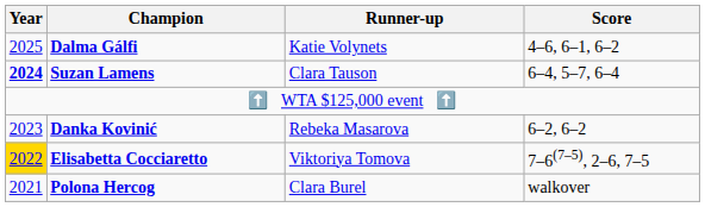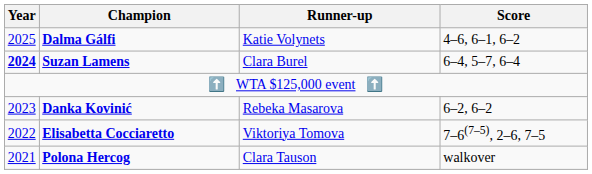 <table class="wikitable" style="font-size:90%">
 <tr>
 <th>Year</th>
 <th width="200">Champion</th>
 <th width="200">Runner-up</th>
 <th width="145">Score</th>
 </tr>
 <tr>
 <td><a href='#'>2025</a></td>
 <td> <strong><a href='#'>Dalma Gálfi</a></strong></td>
 <td> <a href='#'>Katie Volynets</a></td>
 <td>4–6, 6–1, 6–2</td>
 </tr>
 <tr>
 <td><strong><a href='#'>2024</a></strong></td>
 <td> <strong><a href='#'>Suzan Lamens</a></strong></td>
-<td> <a href='#'>Clara Tauson</a></td>
+<td> <a href='#'>Clara Burel</a></td>
 <td>6–4, 5–7, 6–4</td>
 </tr>
 <tr>
 <td colspan="4" align="center">⬆️   <a href='#'>WTA $125,000 event</a>   ⬆️</td>
 </tr>
 <tr>
 <td><a href='#'>2023</a></td>
 <td> <strong><a href='#'>Danka Kovinić</a></strong></td>
 <td> <a href='#'>Rebeka Masarova</a></td>
 <td>6–2, 6–2</td>
 </tr>
 <tr>
-<td style="background: gold;"><a href='#'>2022</a></td>
+<td><a href='#'>2022</a></td>
 <td> <strong><a href='#'>Elisabetta Cocciaretto</a></strong></td>
 <td> <a href='#'>Viktoriya Tomova</a></td>
 <td>7–6<sup>(7–5)</sup>, 2–6, 7–5</td>
 </tr>
 <tr>
 <td><a href='#'>2021</a></td>
 <td> <strong><a href='#'>Polona Hercog</a></strong></td>
-<td> <a href='#'>Clara Burel</a></td>
+<td> <a href='#'>Clara Tauson</a></td>
 <td>walkover</td>
 </tr>
 </table>
